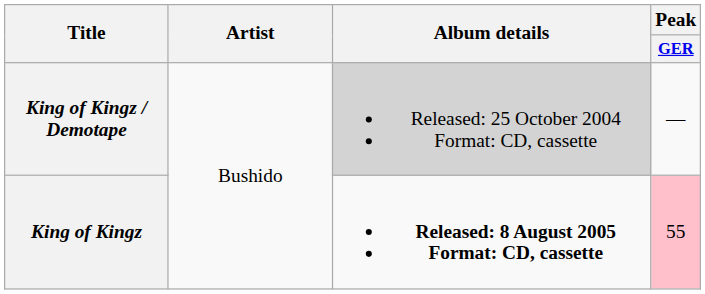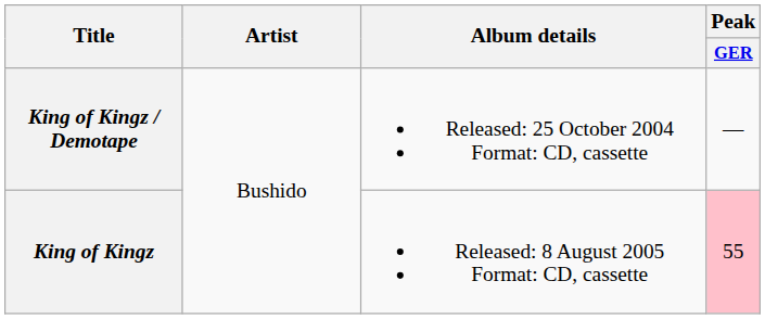 <table class="wikitable plainrowheaders" style="text-align:center;">
 <tr>
 <th scope="col" rowspan="2" style="width:8em;">Title</th>
 <th scope="col" rowspan="2" style="width:8em;">Artist</th>
 <th scope="col" rowspan="2" style="width:16em;">Album details</th>
 <th scope="col">Peak</th>
 </tr>
 <tr>
 <th style="width:2.5em; font-size:85%"><a href='#'>GER</a><br></th>
 </tr>
 <tr>
 <th scope="row"><em>King of Kingz  / Demotape</em></th>
 <td rowspan="2">Bushido</td>
-<td style="background: lightgrey;"><br><ul><li>Released: 25 October 2004</li><li>Format: CD, cassette</li></ul></td>
+<td><br><ul><li>Released: 25 October 2004</li><li>Format: CD, cassette</li></ul></td>
 <td>—</td>
 </tr>
 <tr>
 <th scope="row"><em>King of Kingz</em></th>
-<td><strong><br><ul><li>Released: 8 August 2005</li><li>Format: CD, cassette</li></ul></strong></td>
+<td><br><ul><li>Released: 8 August 2005</li><li>Format: CD, cassette</li></ul></td>
 <td style="background: pink;">55</td>
 </tr>
 </table>
